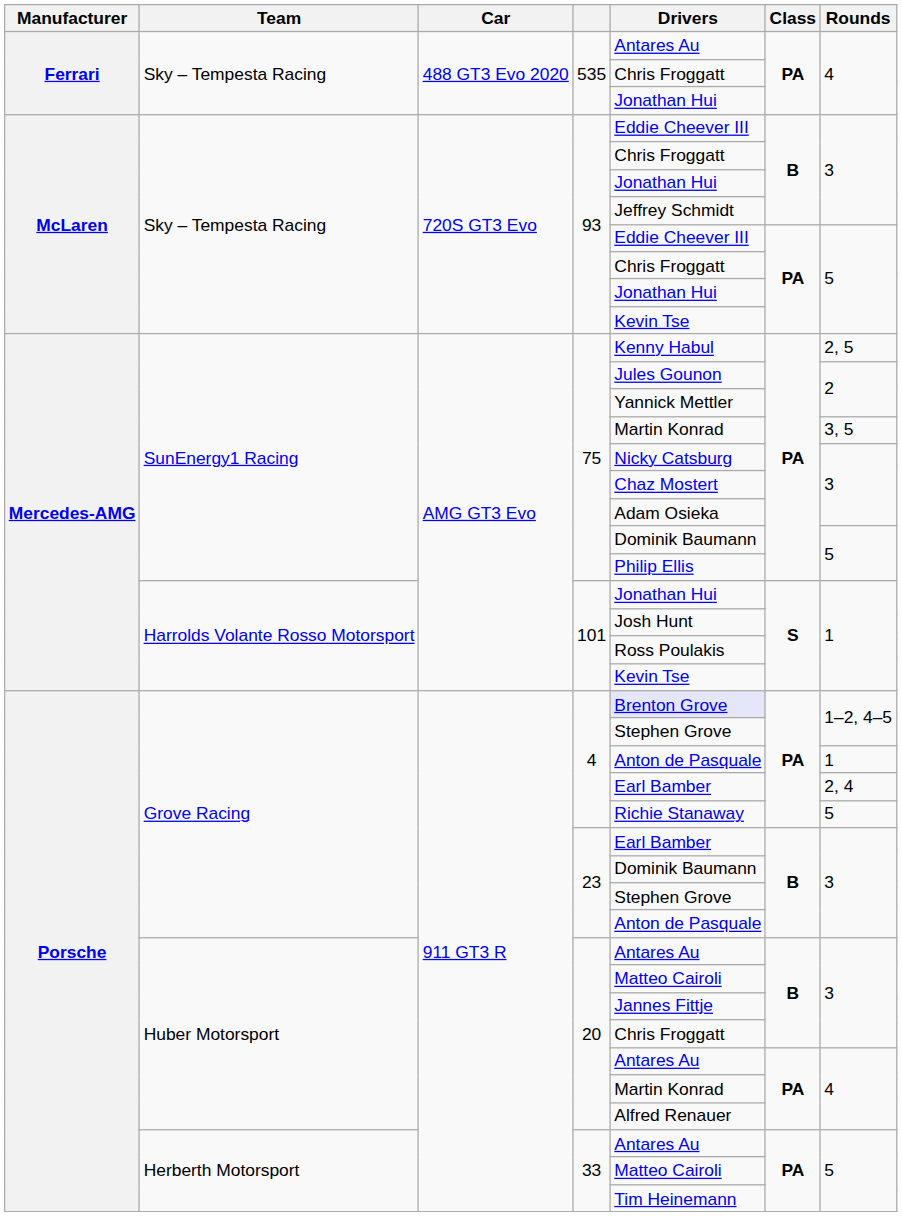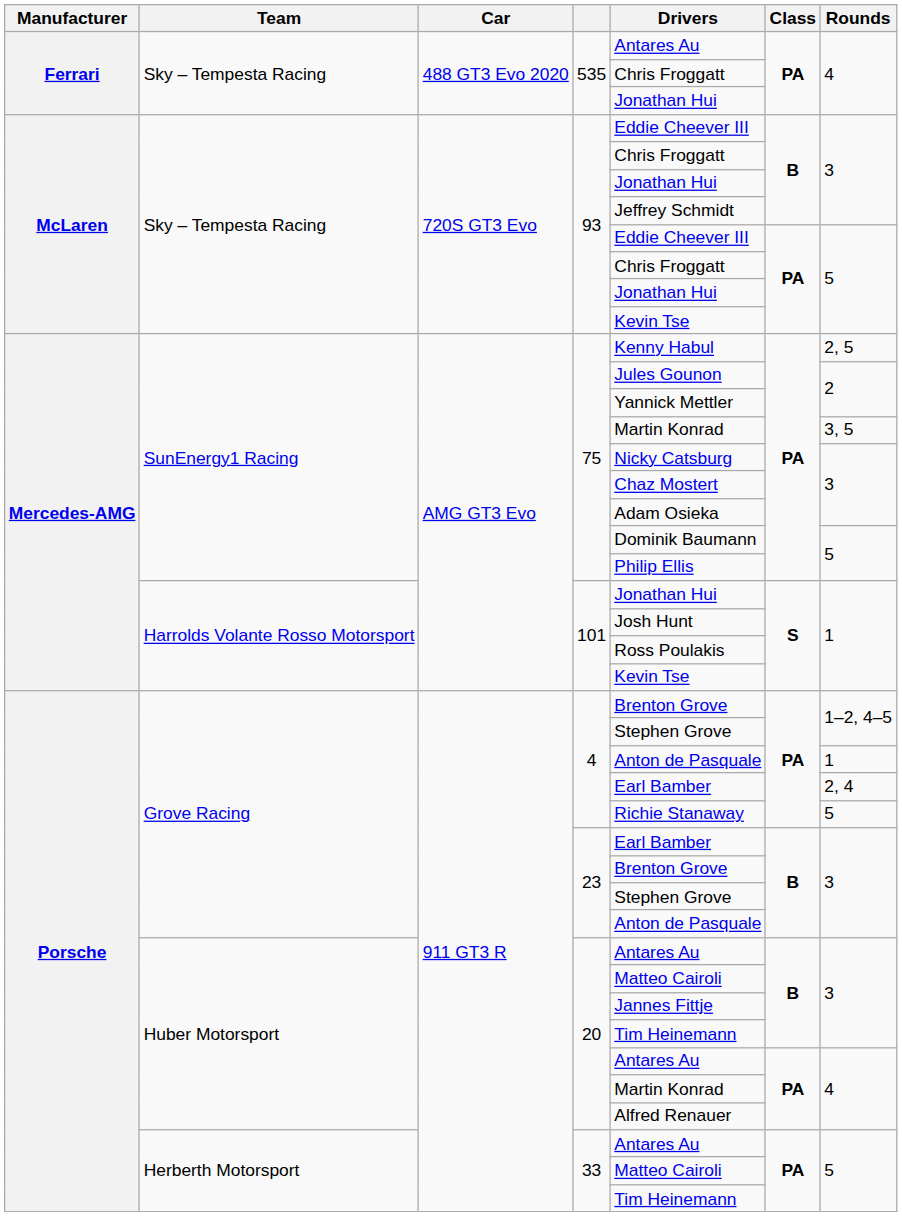 <table class="wikitable" style="font-size:85%;">
 <tr>
 <th>Manufacturer</th>
 <th>Team</th>
 <th>Car</th>
 <th></th>
 <th>Drivers</th>
 <th>Class</th>
 <th>Rounds</th>
 </tr>
 <tr>
 <th rowspan="3"><a href='#'>Ferrari</a></th>
 <td rowspan="3"> Sky – Tempesta Racing</td>
 <td rowspan="3"><a href='#'>488 GT3 Evo 2020</a></td>
 <td rowspan="3" align="center">535</td>
 <td> <a href='#'>Antares Au</a></td>
 <td rowspan="3" align="center"><strong><span>PA</span></strong></td>
 <td rowspan="3">4</td>
 </tr>
 <tr>
 <td> Chris Froggatt</td>
 </tr>
 <tr>
 <td> <a href='#'>Jonathan Hui</a></td>
 </tr>
 <tr>
 <th rowspan="8"><a href='#'>McLaren</a></th>
 <td rowspan="8"> Sky – Tempesta Racing</td>
 <td rowspan="8"><a href='#'>720S GT3 Evo</a></td>
 <td rowspan="8" align="center">93</td>
 <td> <a href='#'>Eddie Cheever III</a></td>
 <td rowspan="4" align="center"><strong><span>B</span></strong></td>
 <td rowspan="4">3</td>
 </tr>
 <tr>
 <td> Chris Froggatt</td>
 </tr>
 <tr>
 <td> <a href='#'>Jonathan Hui</a></td>
 </tr>
 <tr>
 <td> Jeffrey Schmidt</td>
 </tr>
 <tr>
 <td> <a href='#'>Eddie Cheever III</a></td>
 <td rowspan="4" align="center"><strong><span>PA</span></strong></td>
 <td rowspan="4">5</td>
 </tr>
 <tr>
 <td> Chris Froggatt</td>
 </tr>
 <tr>
 <td> <a href='#'>Jonathan Hui</a></td>
 </tr>
 <tr>
 <td> <a href='#'>Kevin Tse</a></td>
 </tr>
 <tr>
 <th rowspan="13"><a href='#'>Mercedes-AMG</a></th>
 <td rowspan="9"> <a href='#'>SunEnergy1 Racing</a></td>
 <td rowspan="13"><a href='#'>AMG GT3 Evo</a></td>
 <td rowspan="9" align="center">75</td>
 <td> <a href='#'>Kenny Habul</a></td>
 <td rowspan="9" align="center"><strong><span>PA</span></strong></td>
 <td>2, 5</td>
 </tr>
 <tr>
 <td> <a href='#'>Jules Gounon</a></td>
 <td rowspan="2">2</td>
 </tr>
 <tr>
 <td> Yannick Mettler</td>
 </tr>
 <tr>
 <td> Martin Konrad</td>
 <td>3, 5</td>
 </tr>
 <tr>
 <td> <a href='#'>Nicky Catsburg</a></td>
 <td rowspan="3">3</td>
 </tr>
 <tr>
 <td> <a href='#'>Chaz Mostert</a></td>
 </tr>
 <tr>
 <td> Adam Osieka</td>
 </tr>
 <tr>
 <td> Dominik Baumann</td>
 <td rowspan="2">5</td>
 </tr>
 <tr>
 <td> <a href='#'>Philip Ellis</a></td>
 </tr>
 <tr>
 <td rowspan="4"> <a href='#'>Harrolds Volante Rosso Motorsport</a></td>
 <td rowspan="4" align="center">101</td>
 <td> <a href='#'>Jonathan Hui</a></td>
 <td rowspan="4" align="center"><strong><span>S</span></strong></td>
 <td rowspan="4">1</td>
 </tr>
 <tr>
 <td> Josh Hunt</td>
 </tr>
 <tr>
 <td> Ross Poulakis</td>
 </tr>
 <tr>
 <td> <a href='#'>Kevin Tse</a></td>
 </tr>
 <tr>
 <th rowspan="19"><a href='#'>Porsche</a></th>
 <td rowspan="9"> <a href='#'>Grove Racing</a></td>
 <td rowspan="19"><a href='#'>911 GT3 R</a></td>
 <td rowspan="5" align="center">4</td>
-<td style="background: lavender;"> <a href='#'>Brenton Grove</a></td>
+<td> <a href='#'>Brenton Grove</a></td>
 <td rowspan="5" align="center"><strong><span>PA</span></strong></td>
 <td rowspan="2">1–2, 4–5</td>
 </tr>
 <tr>
 <td> Stephen Grove</td>
 </tr>
 <tr>
 <td> <a href='#'>Anton de Pasquale</a></td>
 <td>1</td>
 </tr>
 <tr>
 <td> <a href='#'>Earl Bamber</a></td>
 <td>2, 4</td>
 </tr>
 <tr>
 <td> <a href='#'>Richie Stanaway</a></td>
 <td>5</td>
 </tr>
 <tr>
 <td rowspan="4" align="center">23</td>
 <td> <a href='#'>Earl Bamber</a></td>
 <td rowspan="4" align="center"><strong><span>B</span></strong></td>
 <td rowspan="4">3</td>
 </tr>
 <tr>
-<td> Dominik Baumann</td>
+<td> <a href='#'>Brenton Grove</a></td>
 </tr>
 <tr>
 <td> Stephen Grove</td>
 </tr>
 <tr>
 <td> <a href='#'>Anton de Pasquale</a></td>
 </tr>
 <tr>
 <td rowspan="7"> Huber Motorsport</td>
 <td rowspan="7" align="center">20</td>
 <td> <a href='#'>Antares Au</a></td>
 <td rowspan="4" align="center"><strong><span>B</span></strong></td>
 <td rowspan="4">3</td>
 </tr>
 <tr>
 <td> <a href='#'>Matteo Cairoli</a></td>
 </tr>
 <tr>
 <td> <a href='#'>Jannes Fittje</a></td>
 </tr>
 <tr>
-<td> Chris Froggatt</td>
+<td> <a href='#'>Tim Heinemann</a></td>
 </tr>
 <tr>
 <td> <a href='#'>Antares Au</a></td>
 <td rowspan="3" align="center"><strong><span>PA</span></strong></td>
 <td rowspan="3">4</td>
 </tr>
 <tr>
 <td> Martin Konrad</td>
 </tr>
 <tr>
 <td> Alfred Renauer</td>
 </tr>
 <tr>
 <td rowspan="3"> Herberth Motorsport</td>
 <td rowspan="3" align="center">33</td>
 <td> <a href='#'>Antares Au</a></td>
 <td rowspan="3" align="center"><strong><span>PA</span></strong></td>
 <td rowspan="3">5</td>
 </tr>
 <tr>
 <td> <a href='#'>Matteo Cairoli</a></td>
 </tr>
 <tr>
 <td> <a href='#'>Tim Heinemann</a></td>
 </tr>
 </table>
